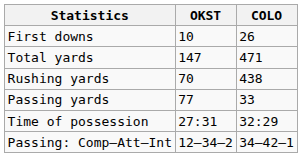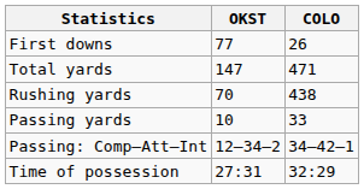 <table class="wikitable" style="float: left;">
 <tr>
 <th>Statistics</th>
 <th>OKST</th>
 <th>COLO</th>
 </tr>
 <tr>
 <td>First downs</td>
-<td>10</td>
+<td>77</td>
 <td>26</td>
 </tr>
 <tr>
 <td>Total yards</td>
 <td>147</td>
 <td>471</td>
 </tr>
 <tr>
 <td>Rushing yards</td>
 <td>70</td>
 <td>438</td>
 </tr>
 <tr>
 <td>Passing yards</td>
-<td>77</td>
+<td>10</td>
 <td>33</td>
+</tr>
+<tr>
+<td>Passing: Comp–Att–Int</td>
+<td>12–34–2</td>
+<td>34–42–1</td>
 </tr>
 <tr>
 <td>Time of possession</td>
 <td>27:31</td>
 <td>32:29</td>
 </tr>
 <tr>
-<td>Passing: Comp–Att–Int</td>
-<td>12–34–2</td>
-<td>34–42–1</td>
-</tr>
-<tr>
 </tr>
 </table>
